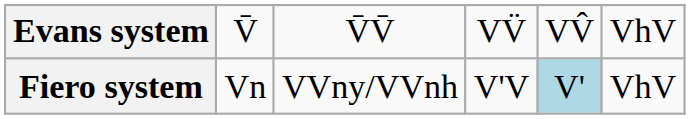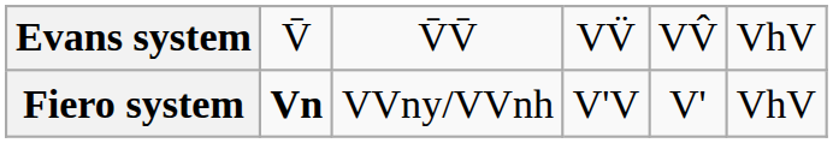 <table class="wikitable">
 <tr>
 <th>Evans system</th>
 <td align="center">V̄</td>
 <td align="center">V̄V̄</td>
 <td align="center">VV̈</td>
 <td align="center">VV̂</td>
 <td align="center">VhV</td>
 </tr>
 <tr>
 <th>Fiero system</th>
-<td align="center">Vn</td>
+<td align="center"><strong>Vn</strong></td>
 <td align="center">VVny/VVnh</td>
 <td align="center">V'V</td>
-<td align="center" style="background: lightblue;">V'</td>
+<td align="center">V'</td>
 <td align="center">VhV</td>
 </tr>
 </table>
